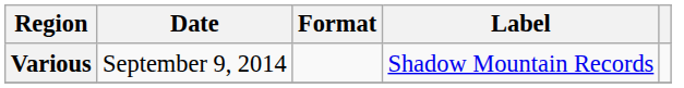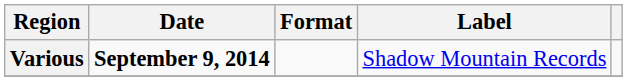 <table class="wikitable plainrowheaders">
 <tr>
 <th scope="col">Region</th>
 <th scope="col">Date</th>
 <th scope="col">Format</th>
 <th scope="col">Label</th>
 <th scope="col"></th>
 </tr>
 <tr>
 <th scope="row">Various</th>
-<td>September 9, 2014</td>
+<td><strong>September 9, 2014</strong></td>
 <td></td>
 <td><a href='#'>Shadow Mountain Records</a></td>
 <td style="text-align:center;"></td>
 </tr>
 <tr>
 </tr>
 </table>
